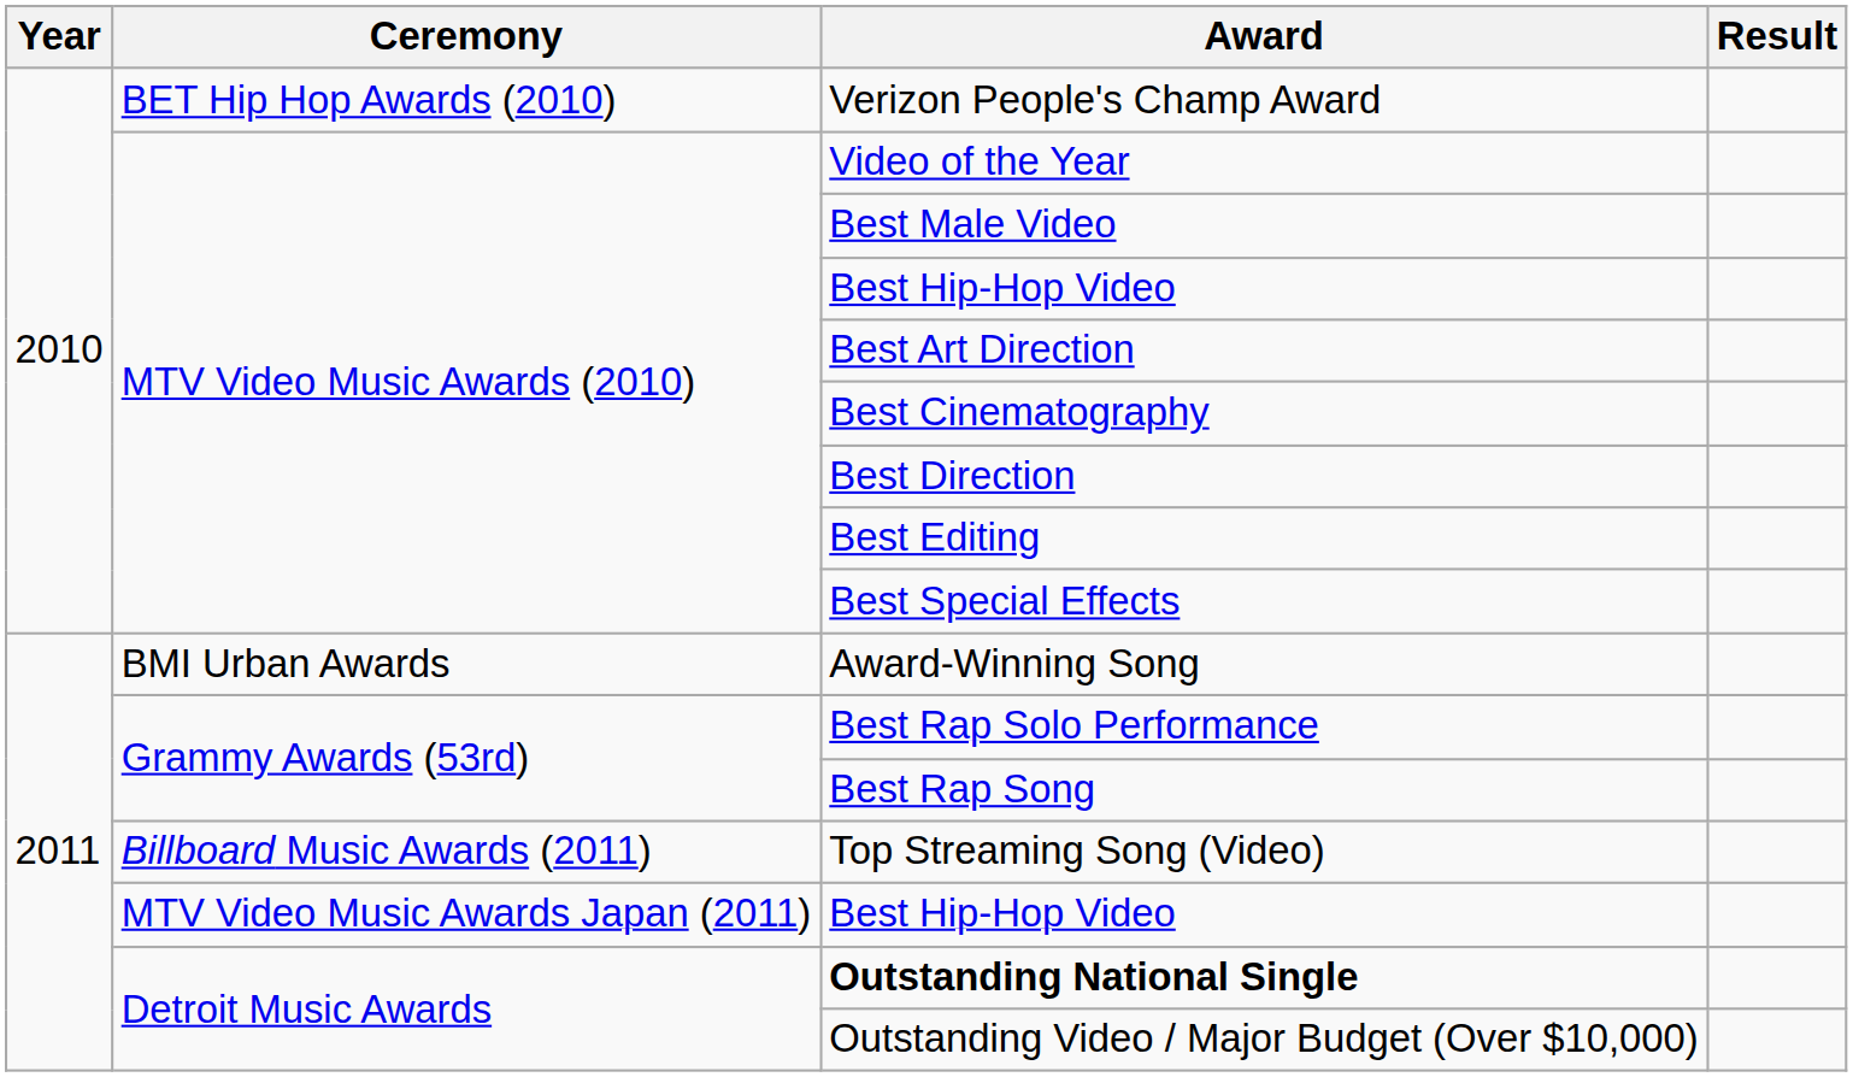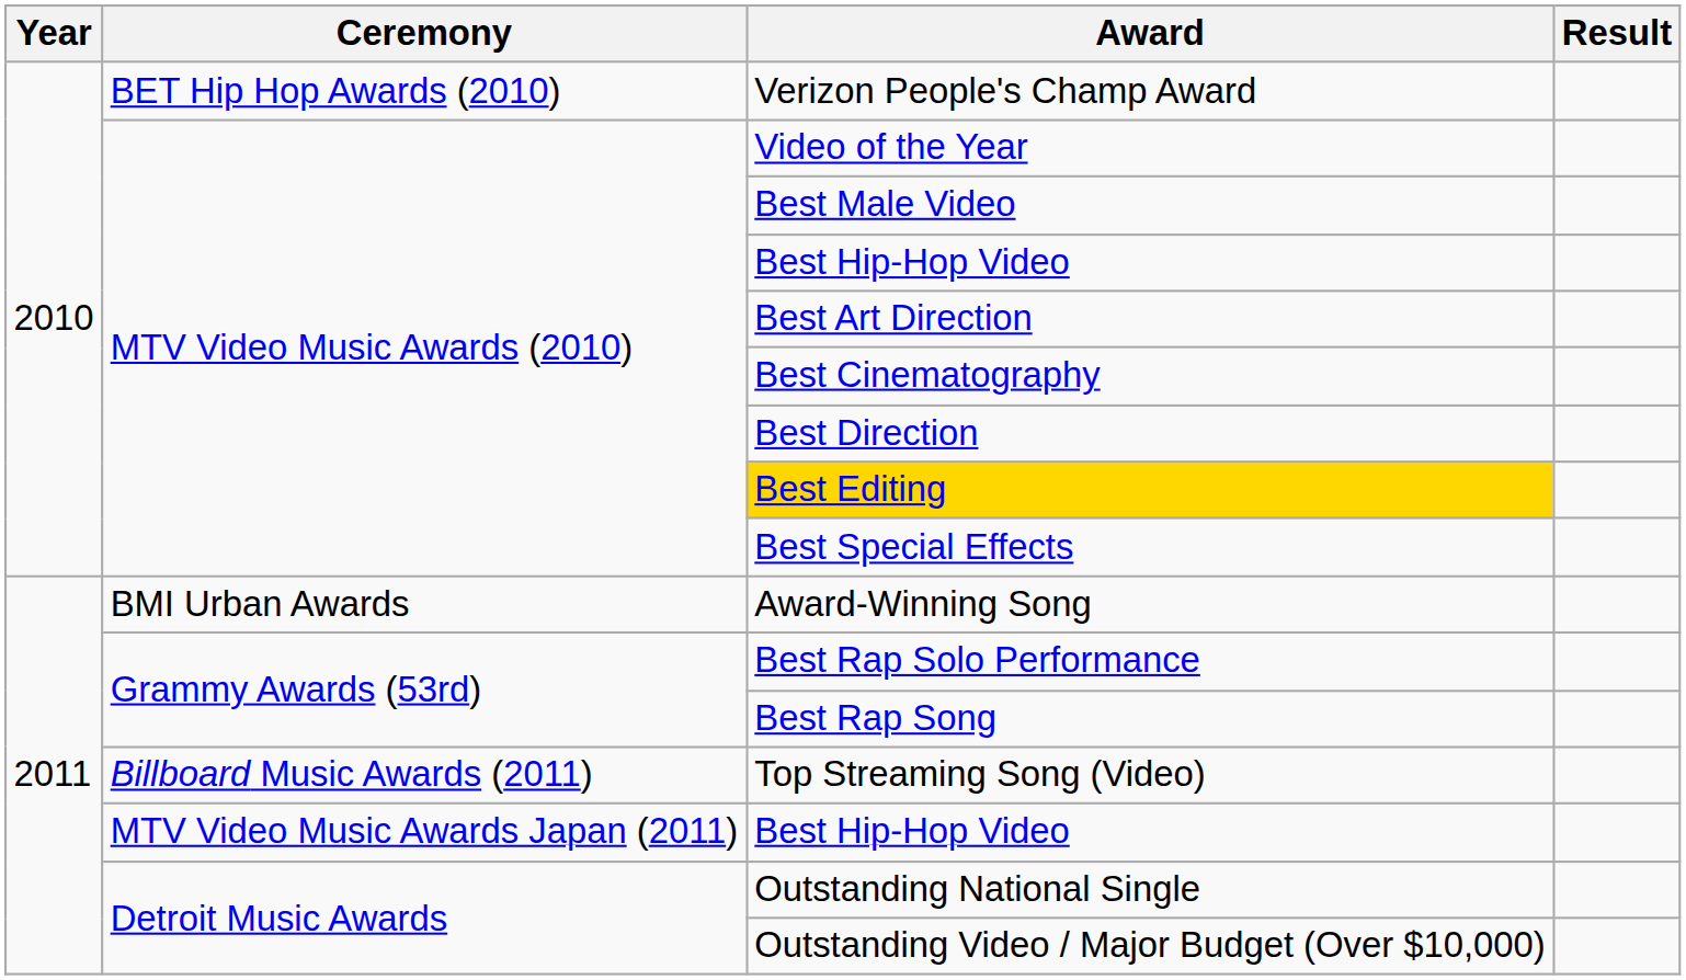 <table class="wikitable">
 <tr>
 <th>Year</th>
 <th>Ceremony</th>
 <th>Award</th>
 <th>Result</th>
 </tr>
 <tr>
 <td rowspan="9">2010</td>
 <td><a href='#'>BET Hip Hop Awards</a> (<a href='#'>2010</a>)</td>
 <td>Verizon People's Champ Award</td>
 <td></td>
 </tr>
 <tr>
 <td rowspan="8"><a href='#'>MTV Video Music Awards</a> (<a href='#'>2010</a>)</td>
 <td><a href='#'>Video of the Year</a></td>
 <td></td>
 </tr>
 <tr>
 <td><a href='#'>Best Male Video</a></td>
 <td></td>
 </tr>
 <tr>
 <td><a href='#'>Best Hip-Hop Video</a></td>
 <td></td>
 </tr>
 <tr>
 <td><a href='#'>Best Art Direction</a></td>
 <td></td>
 </tr>
 <tr>
 <td><a href='#'>Best Cinematography</a></td>
 <td></td>
 </tr>
 <tr>
 <td><a href='#'>Best Direction</a></td>
 <td></td>
 </tr>
 <tr>
-<td><a href='#'>Best Editing</a></td>
+<td style="background: gold;"><a href='#'>Best Editing</a></td>
 <td></td>
 </tr>
 <tr>
 <td><a href='#'>Best Special Effects</a></td>
 <td></td>
 </tr>
 <tr>
 <td rowspan="7">2011</td>
 <td>BMI Urban Awards</td>
 <td>Award-Winning Song</td>
 <td></td>
 </tr>
 <tr>
 <td rowspan="2"><a href='#'>Grammy Awards</a> (<a href='#'>53rd</a>)</td>
 <td><a href='#'>Best Rap Solo Performance</a></td>
 <td></td>
 </tr>
 <tr>
 <td><a href='#'>Best Rap Song</a></td>
 <td></td>
 </tr>
 <tr>
 <td><a href='#'><em>Billboard</em> Music Awards</a> (<a href='#'>2011</a>)</td>
 <td>Top Streaming Song (Video)</td>
 <td></td>
 </tr>
 <tr>
 <td><a href='#'>MTV Video Music Awards Japan</a> (<a href='#'>2011</a>)</td>
 <td><a href='#'>Best Hip-Hop Video</a></td>
 <td></td>
 </tr>
 <tr>
 <td rowspan="2"><a href='#'>Detroit Music Awards</a></td>
-<td><strong>Outstanding National Single</strong></td>
+<td>Outstanding National Single</td>
 <td></td>
 </tr>
 <tr>
 <td>Outstanding Video / Major Budget (Over $10,000)</td>
 <td></td>
 </tr>
 </table>
